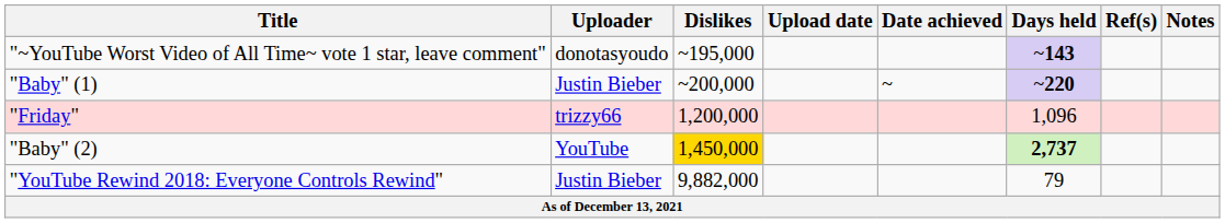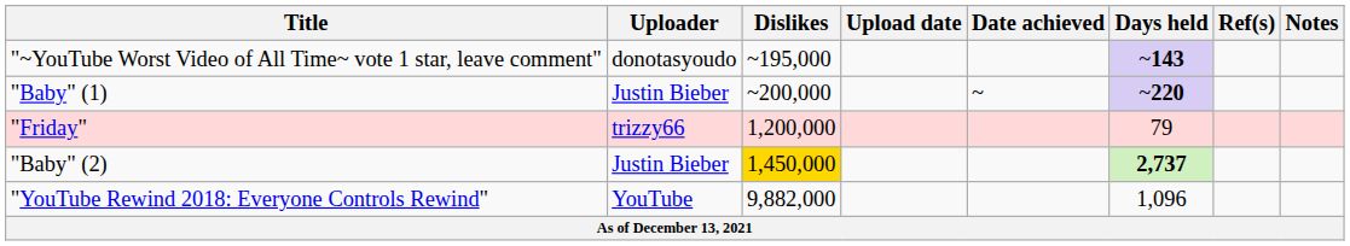 <table class=wikitable>
 <tr>
 <th>Title</th>
 <th>Uploader</th>
 <th>Dislikes</th>
 <th>Upload date</th>
 <th>Date achieved</th>
 <th>Days held</th>
 <th>Ref(s)</th>
 <th>Notes</th>
 </tr>
 <tr>
 <td>"~YouTube Worst Video of All Time~ vote 1 star, leave comment"</td>
 <td>donotasyoudo</td>
 <td>~195,000</td>
 <td></td>
 <td></td>
 <td style="background:#d7ccf3; text-align:center;">~<strong>143</strong></td>
 <td></td>
 <td></td>
 </tr>
 <tr>
 <td>"<a href='#'>Baby</a>" (1)</td>
 <td><a href='#'>Justin Bieber</a></td>
 <td>~200,000</td>
 <td></td>
 <td>~</td>
 <td style="background:#d7ccf3; text-align:center;">~<strong>220</strong></td>
 <td></td>
 <td></td>
 </tr>
 <tr bgcolor="#ffd9d9">
 <td>"<a href='#'>Friday</a>"</td>
 <td><a href='#'>trizzy66</a></td>
 <td>1,200,000</td>
 <td></td>
 <td></td>
-<td style="text-align:center;">1,096</td>
+<td style="text-align:center;">79</td>
 <td></td>
 <td></td>
 </tr>
 <tr>
 <td>"Baby" (2)</td>
-<td><a href='#'>YouTube</a></td>
+<td><a href='#'>Justin Bieber</a></td>
 <td style="background: gold;">1,450,000</td>
 <td></td>
 <td></td>
 <td style="background:#d0f0c0; text-align:center;"><strong>2,737</strong></td>
 <td></td>
 <td></td>
 </tr>
 <tr>
 <td>"<a href='#'>YouTube Rewind 2018: Everyone Controls Rewind</a>"</td>
-<td><a href='#'>Justin Bieber</a></td>
+<td><a href='#'>YouTube</a></td>
 <td>9,882,000</td>
 <td></td>
 <td></td>
-<td style="text-align:center;">79</td>
+<td style="text-align:center;">1,096</td>
 <td></td>
 <td></td>
 </tr>
 <tr>
 <th colspan="8" style="text-align:center; font-size:8pt;">As of December 13, 2021</th>
 </tr>
 </table>
